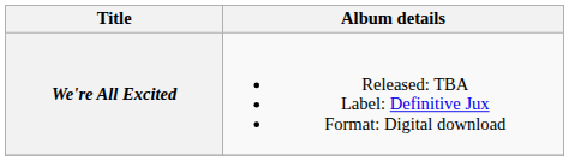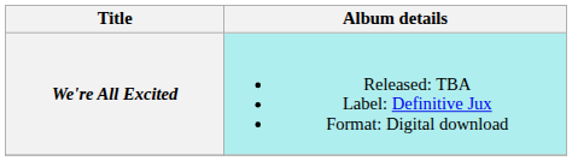 <table class="wikitable plainrowheaders" style="text-align:center;">
 <tr>
 <th scope="col" style="width:12em;">Title</th>
 <th scope="col" style="width:19em;">Album details</th>
 </tr>
 <tr>
 <th scope="row"><em>We're All Excited</em></th>
-<td><br><ul><li>Released: TBA</li><li>Label: <a href='#'>Definitive Jux</a></li><li>Format: Digital download</li></ul></td>
+<td style="background: paleturquoise;"><br><ul><li>Released: TBA</li><li>Label: <a href='#'>Definitive Jux</a></li><li>Format: Digital download</li></ul></td>
 </tr>
 <tr>
 </tr>
 </table>
